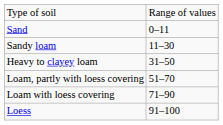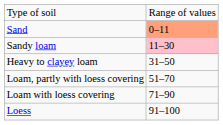 <table class="wikitable">
 <tr>
 <td>Type of soil</td>
 <td>Range of values</td>
 </tr>
 <tr>
 <td><a href='#'>Sand</a></td>
-<td>0–11</td>
+<td style="background: lightsalmon;">0–11</td>
 </tr>
 <tr>
 <td>Sandy <a href='#'>loam</a></td>
-<td>11–30</td>
+<td style="background: pink;">11–30</td>
 </tr>
 <tr>
 <td>Heavy to <a href='#'>clayey</a> loam</td>
 <td>31–50</td>
 </tr>
 <tr>
 <td>Loam, partly with loess covering</td>
 <td>51–70</td>
 </tr>
 <tr>
 <td>Loam with loess covering</td>
 <td>71–90</td>
 </tr>
 <tr>
 <td><a href='#'>Loess</a></td>
 <td>91–100</td>
 </tr>
 </table>
